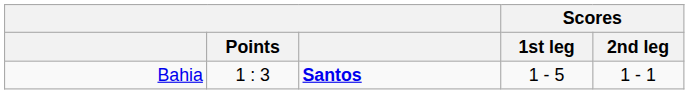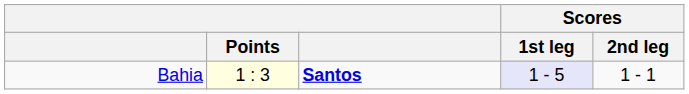 <table class="wikitable" style="text-align:center;">
 <tr>
 <th colspan=3></th>
 <th colspan=3>Scores</th>
 </tr>
 <tr>
 <th width="175"></th>
 <th width="75">Points</th>
 <th width="175"></th>
 <th width="75">1st leg</th>
 <th width="75">2nd leg</th>
 </tr>
 <tr>
 <td align=right><a href='#'>Bahia</a></td>
-<td>1 : 3</td>
+<td style="background: lightyellow;">1 : 3</td>
 <td align=left><strong><a href='#'>Santos</a></strong></td>
-<td>1 - 5</td>
+<td style="background: lavender;">1 - 5</td>
 <td>1 - 1</td>
 </tr>
 </table>
